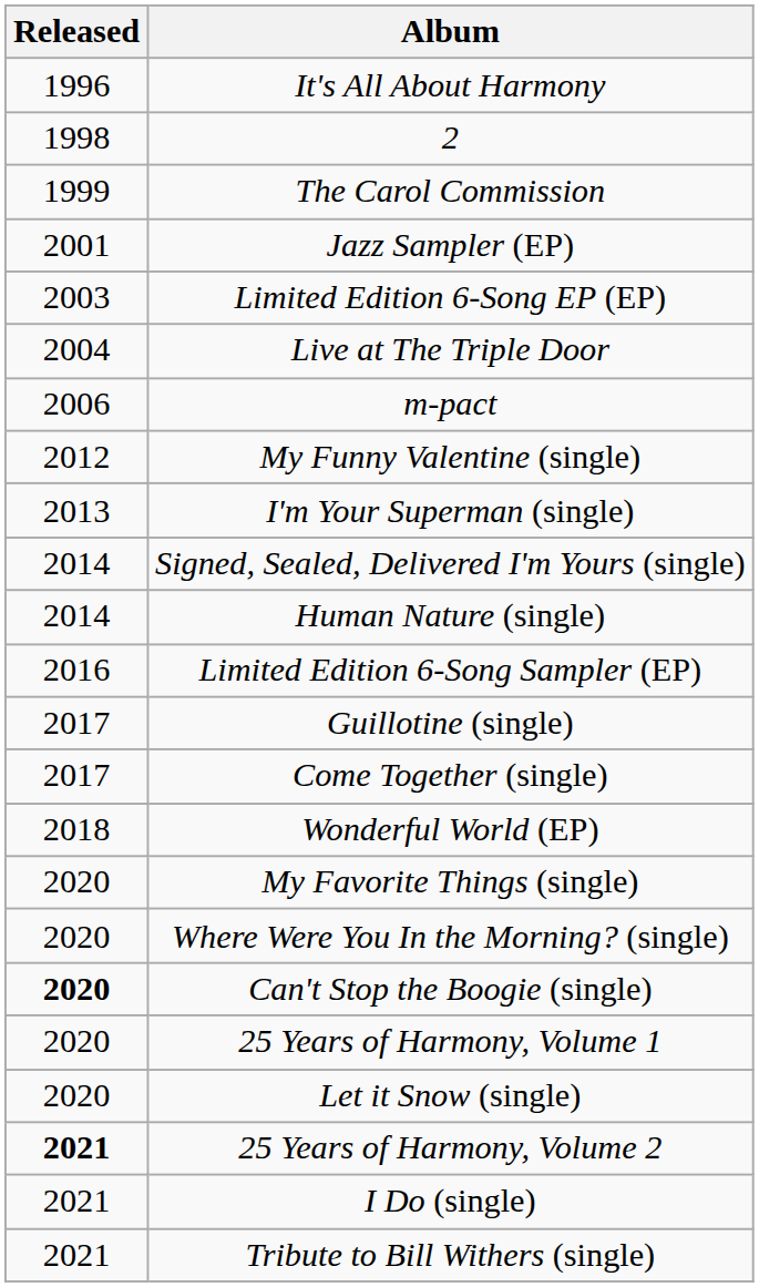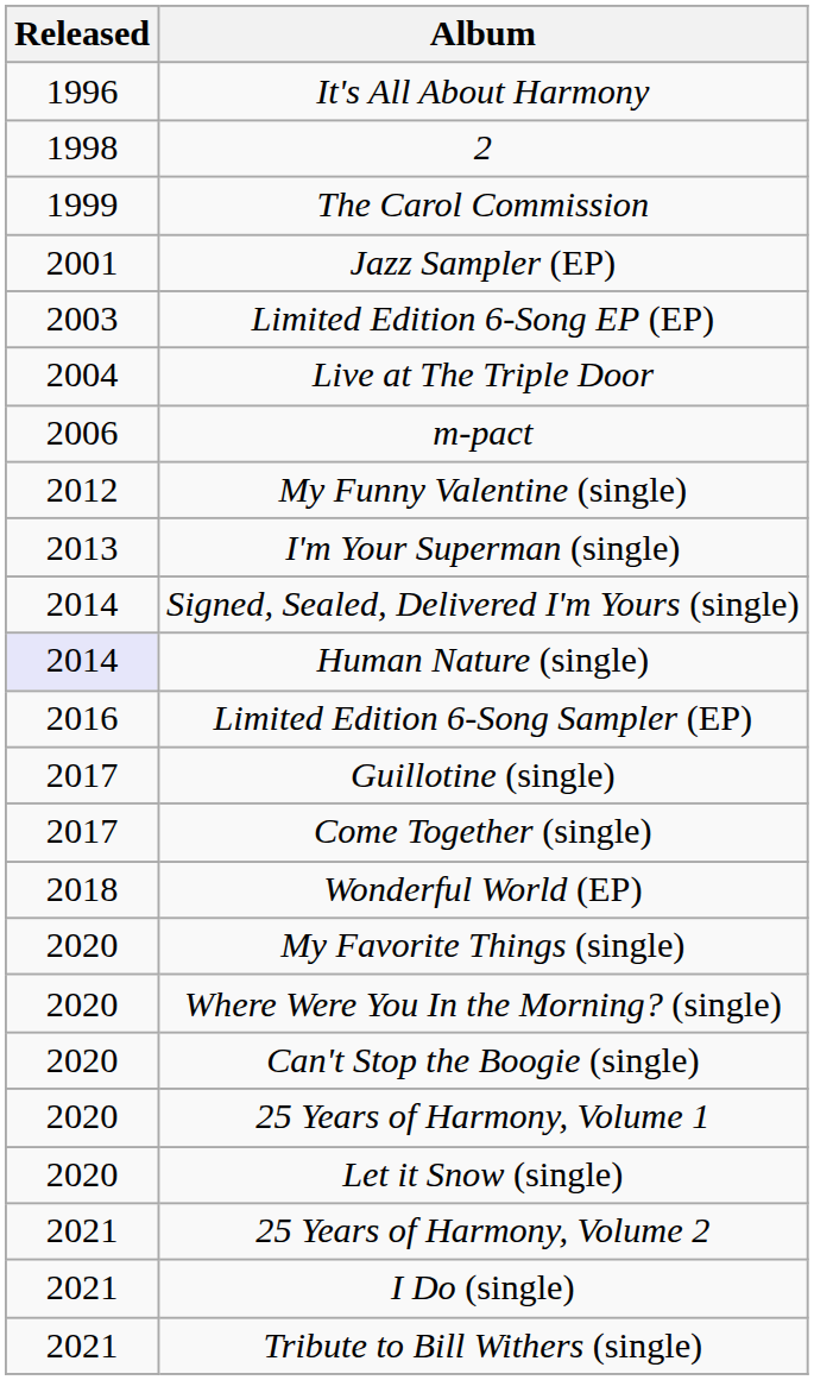 <table class="wikitable plainrowheaders" style="text-align:center;">
 <tr>
 <th scope="col">Released</th>
 <th scope="col">Album</th>
 </tr>
 <tr>
 <td>1996</td>
 <td><em>It's All About Harmony</em></td>
 </tr>
 <tr>
 <td>1998</td>
 <td><em>2</em></td>
 </tr>
 <tr>
 <td>1999</td>
 <td><em>The Carol Commission</em></td>
 </tr>
 <tr>
 <td>2001</td>
 <td><em>Jazz Sampler</em> (EP)</td>
 </tr>
 <tr>
 <td>2003</td>
 <td><em>Limited Edition 6-Song EP</em> (EP)</td>
 </tr>
 <tr>
 <td>2004</td>
 <td><em>Live at The Triple Door</em></td>
 </tr>
 <tr>
 <td>2006</td>
 <td><em>m-pact</em></td>
 </tr>
 <tr>
 <td>2012</td>
 <td><em>My Funny Valentine</em> (single)</td>
 </tr>
 <tr>
 <td>2013</td>
 <td><em>I'm Your Superman</em> (single)</td>
 </tr>
 <tr>
 <td>2014</td>
 <td><em>Signed, Sealed, Delivered I'm Yours</em> (single)</td>
 </tr>
 <tr>
-<td>2014</td>
+<td style="background: lavender;">2014</td>
 <td><em>Human Nature</em> (single)</td>
 </tr>
 <tr>
 <td>2016</td>
 <td><em>Limited Edition 6-Song Sampler</em> (EP)</td>
 </tr>
 <tr>
 <td>2017</td>
 <td><em>Guillotine</em> (single)</td>
 </tr>
 <tr>
 <td>2017</td>
 <td><em>Come Together</em> (single)</td>
 </tr>
 <tr>
 <td>2018</td>
 <td><em>Wonderful World</em> (EP)</td>
 </tr>
 <tr>
 <td>2020</td>
 <td><em>My Favorite Things</em> (single)</td>
 </tr>
 <tr>
 <td>2020</td>
 <td><em>Where Were You In the Morning?</em> (single)</td>
 </tr>
 <tr>
-<td><strong>2020</strong></td>
+<td>2020</td>
 <td><em>Can't Stop the Boogie</em> (single)</td>
 </tr>
 <tr>
 <td>2020</td>
 <td><em>25 Years of Harmony, Volume 1</em></td>
 </tr>
 <tr>
 <td>2020</td>
 <td><em>Let it Snow</em> (single)</td>
 </tr>
 <tr>
-<td><strong>2021</strong></td>
+<td>2021</td>
 <td><em>25 Years of Harmony, Volume 2</em></td>
 </tr>
 <tr>
 <td>2021</td>
 <td><em>I Do</em> (single)</td>
 </tr>
 <tr>
 <td>2021</td>
 <td><em>Tribute to Bill Withers</em> (single)</td>
 </tr>
 </table>
